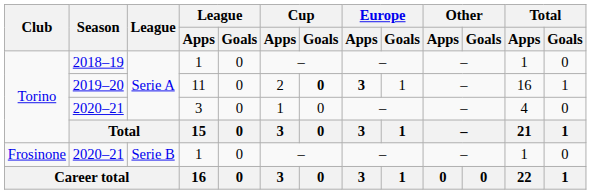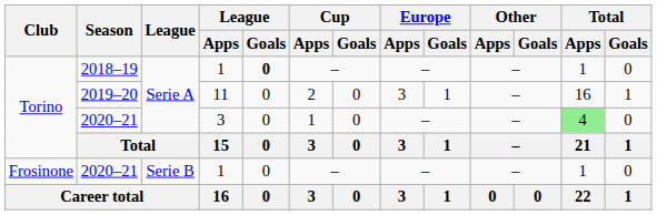 <table class="wikitable" style="text-align: center">
 <tr>
 <th rowspan="2">Club</th>
 <th rowspan="2">Season</th>
 <th rowspan="2">League</th>
 <th colspan="2">League</th>
 <th colspan="2">Cup</th>
 <th colspan="2"><a href='#'>Europe</a></th>
 <th colspan="2">Other</th>
 <th colspan="2">Total</th>
 </tr>
 <tr>
 <th>Apps</th>
 <th>Goals</th>
 <th>Apps</th>
 <th>Goals</th>
 <th>Apps</th>
 <th>Goals</th>
 <th>Apps</th>
 <th>Goals</th>
 <th>Apps</th>
 <th>Goals</th>
 </tr>
 <tr>
 <td rowspan="4"><a href='#'>Torino</a></td>
 <td><a href='#'>2018–19</a></td>
 <td rowspan="3"><a href='#'>Serie A</a></td>
 <td>1</td>
-<td>0</td>
+<td><strong>0</strong></td>
 <td colspan="2">–</td>
 <td colspan="2">–</td>
 <td colspan="2">–</td>
 <td>1</td>
 <td>0</td>
 </tr>
 <tr>
 <td><a href='#'>2019–20</a></td>
 <td>11</td>
 <td>0</td>
 <td>2</td>
-<td><strong>0</strong></td>
-<td><strong>3</strong></td>
+<td>0</td>
+<td>3</td>
 <td>1</td>
 <td colspan="2">–</td>
 <td>16</td>
 <td>1</td>
 </tr>
 <tr>
 <td><a href='#'>2020–21</a></td>
 <td>3</td>
 <td>0</td>
 <td>1</td>
 <td>0</td>
 <td colspan="2">–</td>
 <td colspan="2">–</td>
-<td>4</td>
+<td style="background: lightgreen;">4</td>
 <td>0</td>
 </tr>
 <tr>
 <th colspan=2>Total</th>
 <th>15</th>
 <th>0</th>
 <th>3</th>
 <th>0</th>
 <th>3</th>
 <th>1</th>
 <th colspan=2>–</th>
 <th>21</th>
 <th>1</th>
 </tr>
 <tr>
 <td rowspan="1"><a href='#'>Frosinone</a></td>
 <td><a href='#'>2020–21</a></td>
 <td rowspan="1"><a href='#'>Serie B</a></td>
 <td>1</td>
 <td>0</td>
 <td colspan="2">–</td>
 <td colspan="2">–</td>
 <td colspan="2">–</td>
 <td>1</td>
 <td>0</td>
 </tr>
 <tr>
 <th colspan="3">Career total</th>
 <th>16</th>
 <th>0</th>
 <th>3</th>
 <th>0</th>
 <th>3</th>
 <th>1</th>
 <th>0</th>
 <th>0</th>
 <th>22</th>
 <th>1</th>
 </tr>
 </table>
